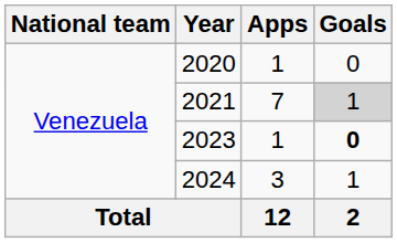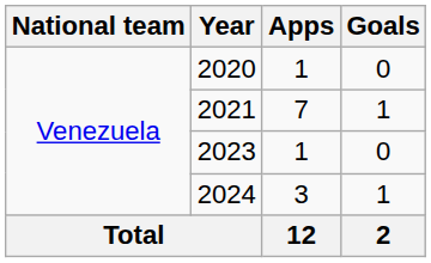 <table class="wikitable" style="text-align:center">
 <tr>
 <th>National team</th>
 <th>Year</th>
 <th>Apps</th>
 <th>Goals</th>
 </tr>
 <tr>
 <td rowspan="4"><a href='#'>Venezuela</a></td>
 <td>2020</td>
 <td>1</td>
 <td>0</td>
 </tr>
 <tr>
 <td>2021</td>
 <td>7</td>
-<td style="background: lightgrey;">1</td>
+<td>1</td>
 </tr>
 <tr>
 <td>2023</td>
 <td>1</td>
-<td><strong>0</strong></td>
+<td>0</td>
 </tr>
 <tr>
 <td>2024</td>
 <td>3</td>
 <td>1</td>
 </tr>
 <tr>
 <th colspan="2">Total</th>
 <th>12</th>
 <th>2</th>
 </tr>
 </table>
